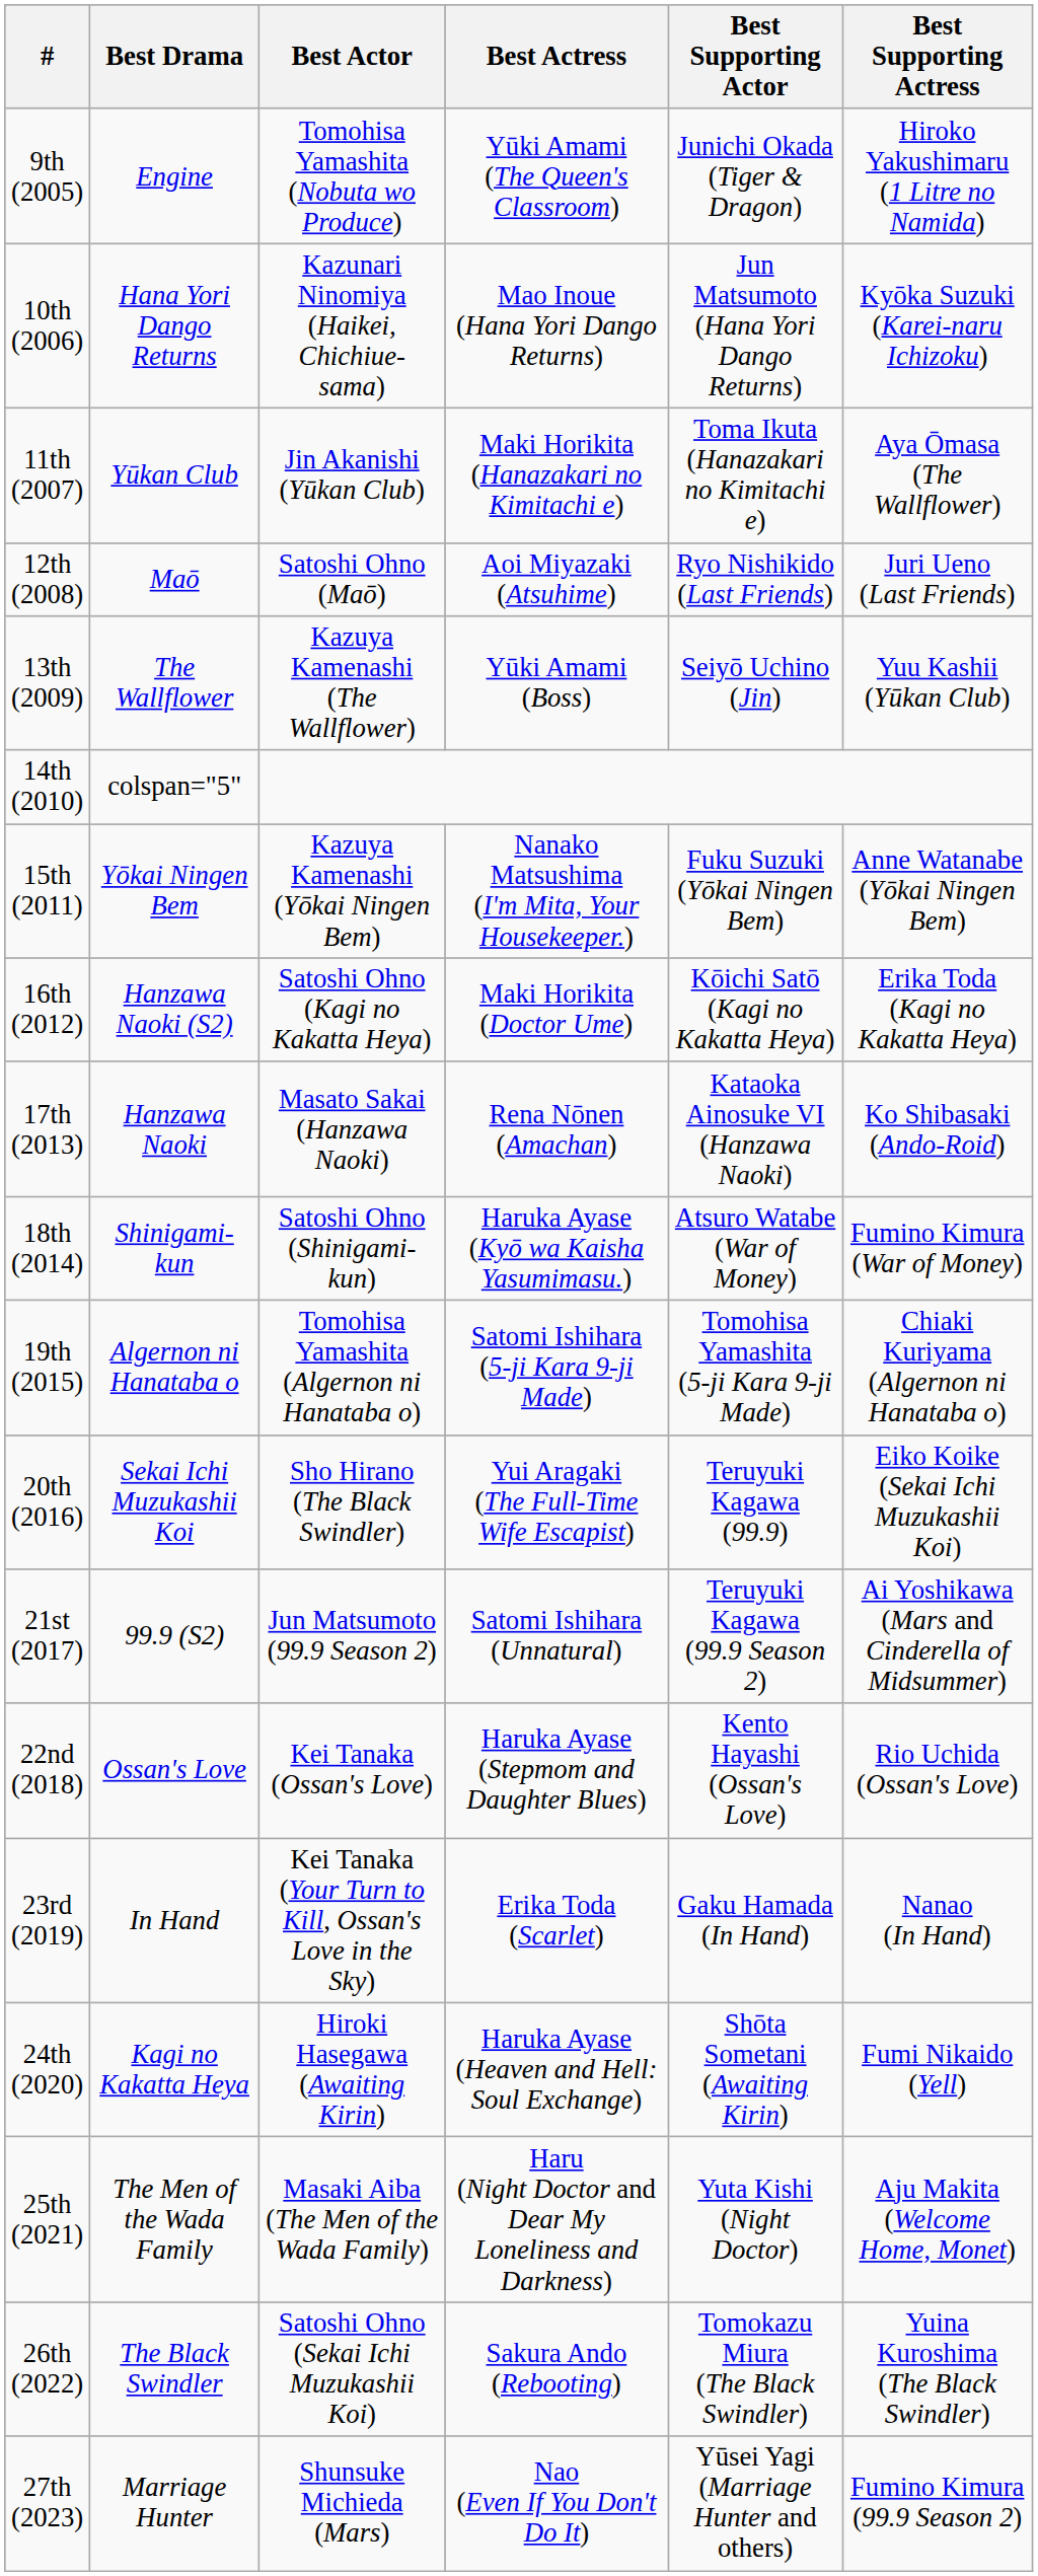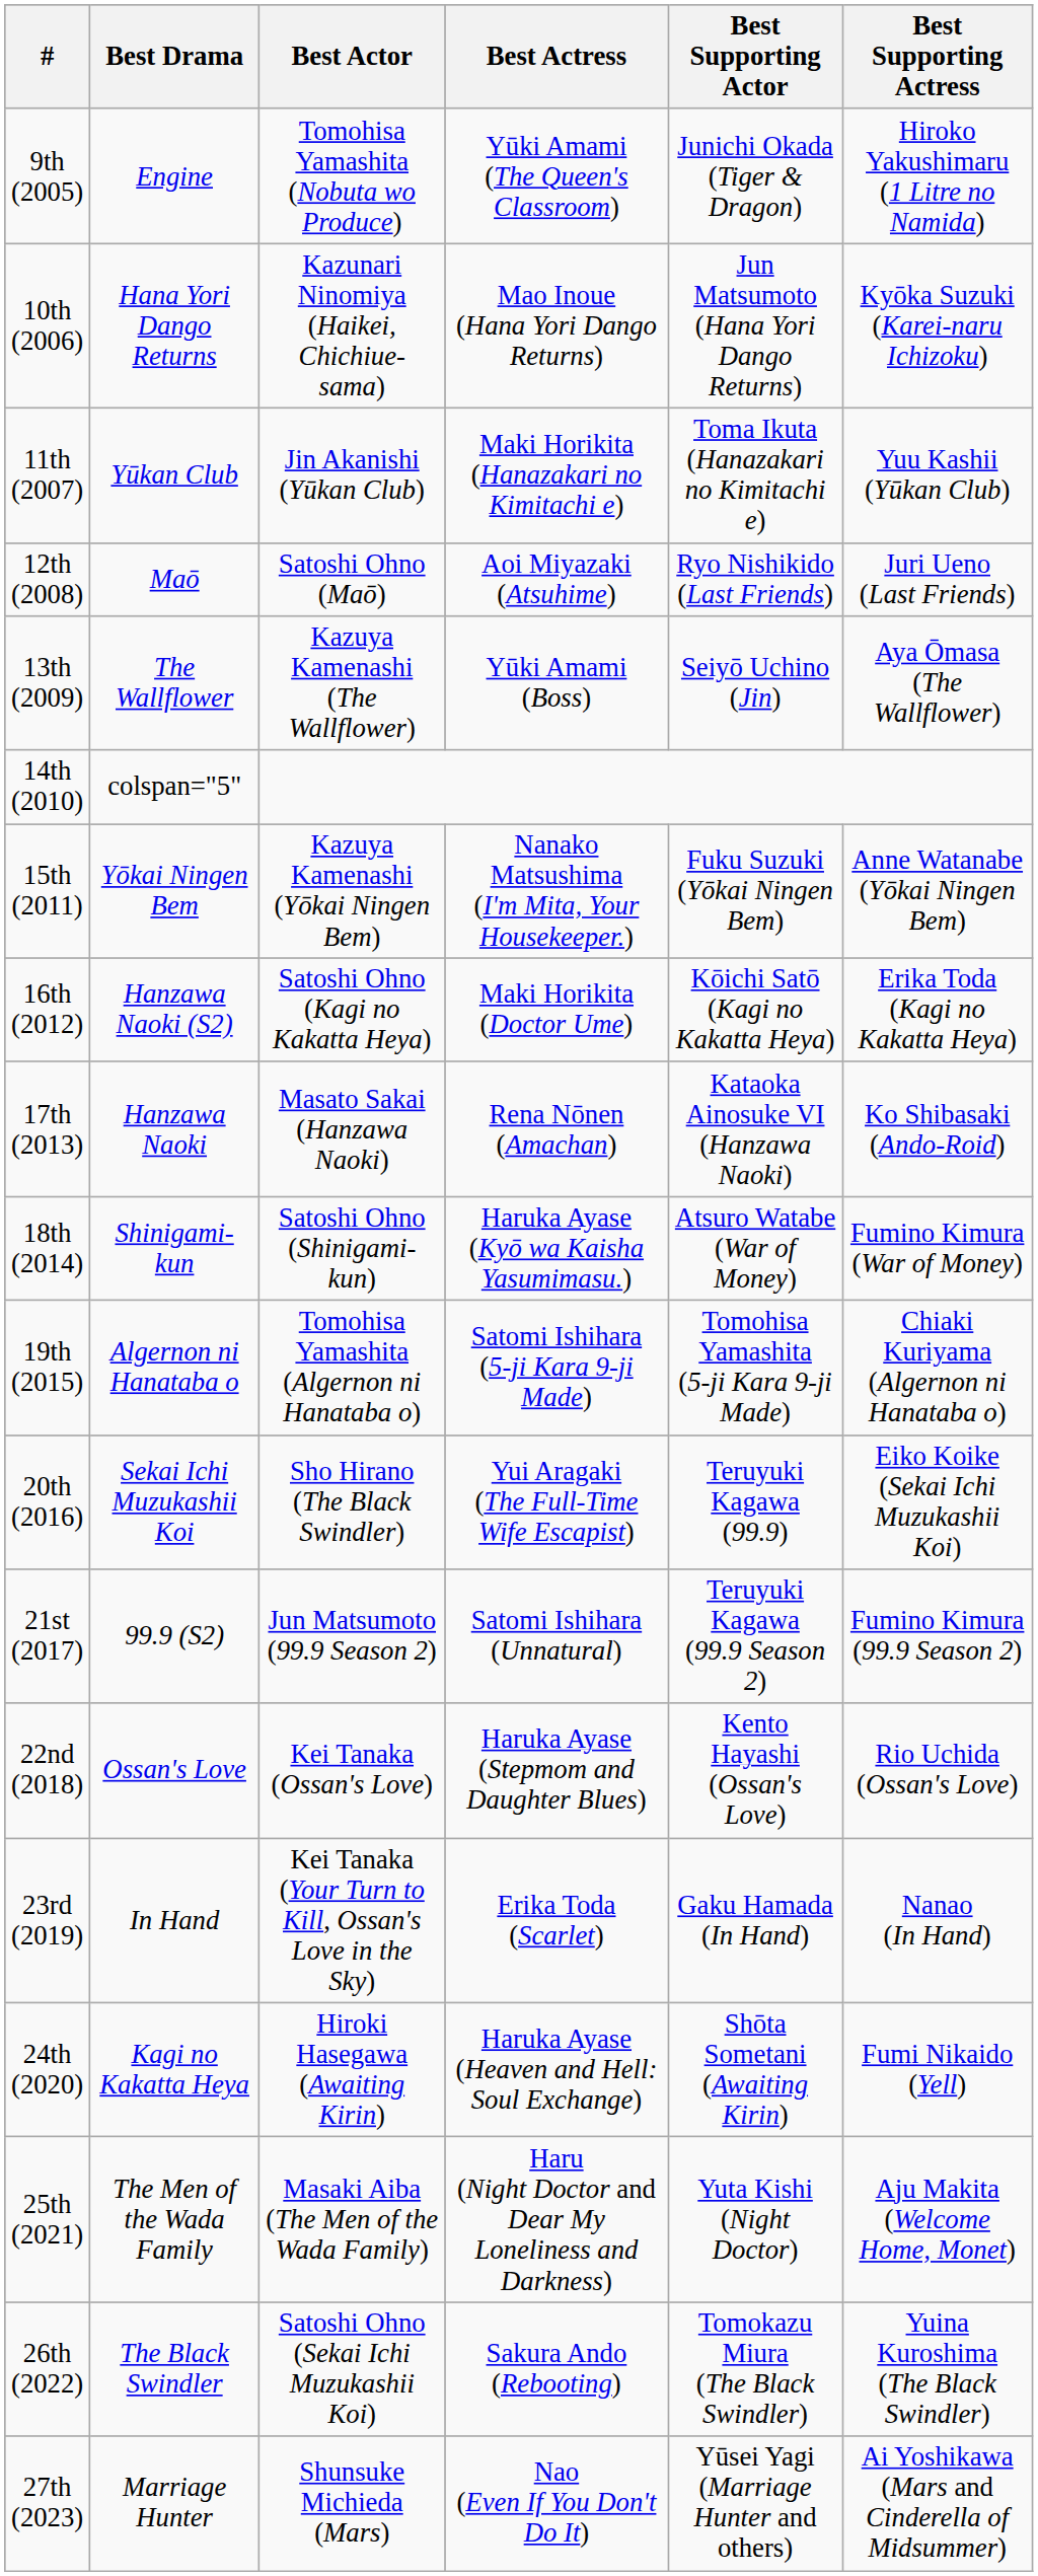 <table class="wikitable" text style="text-align:center;">
 <tr>
 <th>#</th>
 <th>Best Drama</th>
 <th>Best Actor</th>
 <th>Best Actress</th>
 <th>Best Supporting Actor</th>
 <th>Best Supporting Actress</th>
 </tr>
 <tr>
 <td>9th<br>(2005)</td>
 <td><em><a href='#'>Engine</a></em></td>
 <td><a href='#'>Tomohisa Yamashita</a> <br>(<em><a href='#'>Nobuta wo Produce</a></em>)</td>
 <td><a href='#'>Yūki Amami</a> <br>(<em><a href='#'>The Queen's Classroom</a></em>)</td>
 <td><a href='#'>Junichi Okada</a> <br>(<em>Tiger & Dragon</em>)</td>
 <td><a href='#'>Hiroko Yakushimaru</a> <br>(<em><a href='#'>1 Litre no Namida</a></em>)</td>
 </tr>
 <tr>
 <td>10th<br>(2006)</td>
 <td><em><a href='#'>Hana Yori Dango Returns</a></em></td>
 <td><a href='#'>Kazunari Ninomiya</a> <br>(<em>Haikei, Chichiue-sama</em>)</td>
 <td><a href='#'>Mao Inoue</a> <br>(<em>Hana Yori Dango Returns</em>)</td>
 <td><a href='#'>Jun Matsumoto</a> <br>(<em>Hana Yori Dango Returns</em>)</td>
 <td><a href='#'>Kyōka Suzuki</a> <br>(<em><a href='#'>Karei-naru Ichizoku</a></em>)</td>
 </tr>
 <tr>
 <td>11th<br>(2007)</td>
 <td><em><a href='#'>Yūkan Club</a></em></td>
 <td><a href='#'>Jin Akanishi</a> <br>(<em>Yūkan Club</em>)</td>
 <td><a href='#'>Maki Horikita</a> <br>(<em><a href='#'>Hanazakari no Kimitachi e</a></em>)</td>
 <td><a href='#'>Toma Ikuta</a> <br>(<em>Hanazakari no Kimitachi e</em>)</td>
-<td><a href='#'>Aya Ōmasa</a> <br>(<em>The Wallflower</em>)</td>
+<td><a href='#'>Yuu Kashii</a> <br>(<em>Yūkan Club</em>)</td>
 </tr>
 <tr>
 <td>12th<br>(2008)</td>
 <td><em><a href='#'>Maō</a></em></td>
 <td><a href='#'>Satoshi Ohno</a> <br>(<em>Maō</em>)</td>
 <td><a href='#'>Aoi Miyazaki</a> <br>(<em><a href='#'>Atsuhime</a></em>)</td>
 <td><a href='#'>Ryo Nishikido</a> <br>(<em><a href='#'>Last Friends</a></em>)</td>
 <td><a href='#'>Juri Ueno</a> <br>(<em>Last Friends</em>)</td>
 </tr>
 <tr>
 <td>13th<br>(2009)</td>
 <td><em><a href='#'>The Wallflower</a></em></td>
 <td><a href='#'>Kazuya Kamenashi</a> <br>(<em>The Wallflower</em>)</td>
 <td><a href='#'>Yūki Amami</a> <br>(<em>Boss</em>)</td>
 <td><a href='#'>Seiyō Uchino</a> <br>(<em><a href='#'>Jin</a></em>)</td>
-<td><a href='#'>Yuu Kashii</a> <br>(<em>Yūkan Club</em>)</td>
+<td><a href='#'>Aya Ōmasa</a> <br>(<em>The Wallflower</em>)</td>
 </tr>
 <tr>
 <td>14th<br>(2010)</td>
 <td>colspan="5" </td>
 </tr>
 <tr>
 <td>15th<br>(2011)</td>
 <td><em><a href='#'>Yōkai Ningen Bem</a></em></td>
 <td><a href='#'>Kazuya Kamenashi</a> <br>(<em>Yōkai Ningen Bem</em>)</td>
 <td><a href='#'>Nanako Matsushima</a> <br>(<em><a href='#'>I'm Mita, Your Housekeeper.</a></em>)</td>
 <td><a href='#'>Fuku Suzuki</a> <br>(<em>Yōkai Ningen Bem</em>)</td>
 <td><a href='#'>Anne Watanabe</a> <br>(<em>Yōkai Ningen Bem</em>)</td>
 </tr>
 <tr>
 <td>16th<br>(2012)</td>
 <td><em><a href='#'>Hanzawa Naoki (S2)</a></em></td>
 <td><a href='#'>Satoshi Ohno</a> <br>(<em>Kagi no Kakatta Heya</em>)</td>
 <td><a href='#'>Maki Horikita</a> <br>(<em><a href='#'>Doctor Ume</a></em>)</td>
 <td><a href='#'>Kōichi Satō</a> <br>(<em>Kagi no Kakatta Heya</em>)</td>
 <td><a href='#'>Erika Toda</a> <br>(<em>Kagi no Kakatta Heya</em>)</td>
 </tr>
 <tr>
 <td>17th<br>(2013)</td>
 <td><em><a href='#'>Hanzawa Naoki</a></em></td>
 <td><a href='#'>Masato Sakai</a> <br>(<em>Hanzawa Naoki</em>)</td>
 <td><a href='#'>Rena Nōnen</a> <br>(<em><a href='#'>Amachan</a></em>)</td>
 <td><a href='#'>Kataoka Ainosuke VI</a> <br>(<em>Hanzawa Naoki</em>)</td>
 <td><a href='#'>Ko Shibasaki</a> <br>(<em><a href='#'>Ando-Roid</a></em>)</td>
 </tr>
 <tr>
 <td>18th<br>(2014)</td>
 <td><em><a href='#'>Shinigami-kun</a></em></td>
 <td><a href='#'>Satoshi Ohno</a> <br>(<em>Shinigami-kun</em>)</td>
 <td><a href='#'>Haruka Ayase</a> <br>(<em><a href='#'>Kyō wa Kaisha Yasumimasu.</a></em>)</td>
 <td><a href='#'>Atsuro Watabe</a> <br>(<em>War of Money</em>)</td>
 <td><a href='#'>Fumino Kimura</a> <br>(<em>War of Money</em>)</td>
 </tr>
 <tr>
 <td>19th<br>(2015)</td>
 <td><em><a href='#'>Algernon ni Hanataba o</a></em></td>
 <td><a href='#'>Tomohisa Yamashita</a> <br>(<em>Algernon ni Hanataba o</em>)</td>
 <td><a href='#'>Satomi Ishihara</a> <br>(<em><a href='#'>5-ji Kara 9-ji Made</a></em>)</td>
 <td><a href='#'>Tomohisa Yamashita</a> <br>(<em>5-ji Kara 9-ji Made</em>)</td>
 <td><a href='#'>Chiaki Kuriyama</a> <br>(<em>Algernon ni Hanataba o</em>)</td>
 </tr>
 <tr>
 <td>20th<br>(2016)</td>
 <td><em><a href='#'>Sekai Ichi Muzukashii Koi</a></em></td>
 <td><a href='#'>Sho Hirano</a> <br>(<em>The Black Swindler</em>)</td>
 <td><a href='#'>Yui Aragaki</a> <br>(<em><a href='#'>The Full-Time Wife Escapist</a></em>)</td>
 <td><a href='#'>Teruyuki Kagawa</a> <br>(<em>99.9</em>)</td>
 <td><a href='#'>Eiko Koike</a> <br>(<em>Sekai Ichi Muzukashii Koi</em>)</td>
 </tr>
 <tr>
 <td>21st<br>(2017)</td>
 <td><em>99.9 (S2)</em></td>
 <td><a href='#'>Jun Matsumoto</a> <br>(<em>99.9 Season 2</em>)</td>
 <td><a href='#'>Satomi Ishihara</a> <br>(<em>Unnatural</em>)</td>
 <td><a href='#'>Teruyuki Kagawa</a> <br>(<em>99.9 Season 2</em>)</td>
-<td><a href='#'>Ai Yoshikawa</a> <br>(<em>Mars</em> and <em>Cinderella of Midsummer</em>)</td>
+<td><a href='#'>Fumino Kimura</a> <br>(<em>99.9 Season 2</em>)</td>
 </tr>
 <tr>
 <td>22nd<br>(2018)</td>
 <td><em><a href='#'>Ossan's Love</a></em></td>
 <td><a href='#'>Kei Tanaka</a> <br>(<em>Ossan's Love</em>)</td>
 <td><a href='#'>Haruka Ayase</a> <br>(<em>Stepmom and Daughter Blues</em>)</td>
 <td><a href='#'>Kento Hayashi</a> <br>(<em>Ossan's Love</em>)</td>
 <td><a href='#'>Rio Uchida</a> <br>(<em>Ossan's Love</em>)</td>
 </tr>
 <tr>
 <td>23rd<br>(2019)</td>
 <td><em>In Hand</em></td>
 <td>Kei Tanaka <br>(<em><a href='#'>Your Turn to Kill</a></em>, <em>Ossan's Love in the Sky</em>)</td>
 <td><a href='#'>Erika Toda</a> <br>(<em><a href='#'>Scarlet</a></em>)</td>
 <td><a href='#'>Gaku Hamada</a> <br>(<em>In Hand</em>)</td>
 <td><a href='#'>Nanao</a> <br>(<em>In Hand</em>)</td>
 </tr>
 <tr>
 <td>24th<br>(2020)</td>
 <td><em><a href='#'>Kagi no Kakatta Heya</a></em></td>
 <td><a href='#'>Hiroki Hasegawa</a> <br>(<em><a href='#'>Awaiting Kirin</a></em>)</td>
 <td><a href='#'>Haruka Ayase</a> <br>(<em>Heaven and Hell: Soul Exchange</em>)</td>
 <td><a href='#'>Shōta Sometani</a> <br>(<em><a href='#'>Awaiting Kirin</a></em>)</td>
 <td><a href='#'>Fumi Nikaido</a> <br>(<em><a href='#'>Yell</a></em>)</td>
 </tr>
 <tr>
 <td>25th<br>(2021)</td>
 <td><em>The Men of the Wada Family</em></td>
 <td><a href='#'>Masaki Aiba</a> <br>(<em>The Men of the Wada Family</em>)</td>
 <td><a href='#'>Haru</a> <br>(<em>Night Doctor</em> and <em>Dear My Loneliness and Darkness</em>)</td>
 <td><a href='#'>Yuta Kishi</a> <br>(<em>Night Doctor</em>)</td>
 <td><a href='#'>Aju Makita</a> <br>(<em><a href='#'>Welcome Home, Monet</a></em>)</td>
 </tr>
 <tr>
 <td>26th<br>(2022)</td>
 <td><em><a href='#'>The Black Swindler</a></em></td>
 <td><a href='#'>Satoshi Ohno</a> <br>(<em>Sekai Ichi Muzukashii Koi</em>)</td>
 <td><a href='#'>Sakura Ando</a> <br>(<em><a href='#'>Rebooting</a></em>)</td>
 <td><a href='#'>Tomokazu Miura</a> <br>(<em>The Black Swindler</em>)</td>
 <td><a href='#'>Yuina Kuroshima</a> <br>(<em>The Black Swindler</em>)</td>
 </tr>
 <tr>
 <td>27th<br>(2023)</td>
 <td><em>Marriage Hunter</em></td>
 <td><a href='#'>Shunsuke Michieda</a> <br>(<em>Mars</em>)</td>
 <td><a href='#'>Nao</a> <br>(<em><a href='#'>Even If You Don't Do It</a></em>)</td>
 <td>Yūsei Yagi <br>(<em>Marriage Hunter</em> and others)</td>
-<td><a href='#'>Fumino Kimura</a> <br>(<em>99.9 Season 2</em>)</td>
+<td><a href='#'>Ai Yoshikawa</a> <br>(<em>Mars</em> and <em>Cinderella of Midsummer</em>)</td>
 </tr>
 <tr>
 </tr>
 </table>
